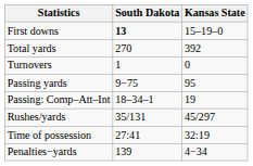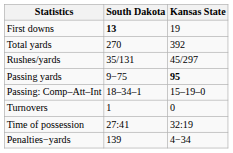 <table class="wikitable" style="float: left;">
 <tr>
 <th>Statistics</th>
 <th>South Dakota</th>
 <th>Kansas State</th>
 </tr>
 <tr>
 <td>First downs</td>
 <td><strong>13</strong></td>
-<td>15–19–0</td>
+<td>19</td>
 </tr>
 <tr>
 <td>Total yards</td>
 <td>270</td>
 <td>392</td>
 </tr>
 <tr>
-<td>Turnovers</td>
-<td>1</td>
-<td>0</td>
+<td>Rushes/yards</td>
+<td>35/131</td>
+<td>45/297</td>
 </tr>
 <tr>
 <td>Passing yards</td>
 <td>9−75</td>
-<td>95</td>
+<td><strong>95</strong></td>
 </tr>
 <tr>
 <td>Passing: Comp–Att–Int</td>
 <td>18–34–1</td>
-<td>19</td>
+<td>15–19–0</td>
 </tr>
 <tr>
-<td>Rushes/yards</td>
-<td>35/131</td>
-<td>45/297</td>
+<td>Turnovers</td>
+<td>1</td>
+<td>0</td>
 </tr>
 <tr>
 <td>Time of possession</td>
 <td>27:41</td>
 <td>32:19</td>
 </tr>
 <tr>
 <td>Penalties−yards</td>
 <td>139</td>
 <td>4−34</td>
 </tr>
 </table>
